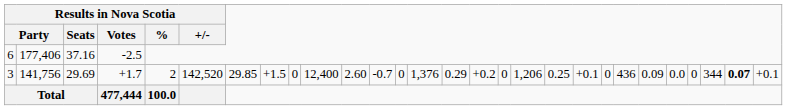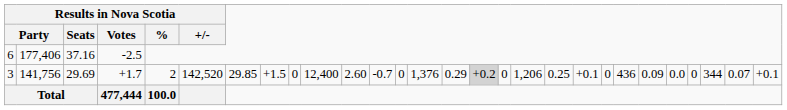 <table class="wikitable">
 <tr>
 <th align="center" colspan=6>Results in Nova Scotia</th>
 </tr>
 <tr>
 <th align="centre" colspan=2>Party</th>
 <th align="right">Seats</th>
 <th align="right">Votes</th>
 <th align="right">%</th>
 <th align="right">+/-</th>
 </tr>
 <tr>
 <td align="right">6</td>
 <td align="right">177,406</td>
 <td align="right">37.16</td>
 <td align="right">-2.5</td>
 </tr>
 <tr>
 <td align="right">3</td>
 <td align="right">141,756</td>
 <td align="right">29.69</td>
 <td align="right">+1.7<br></td>
 <td align="right">2</td>
 <td align="right">142,520</td>
 <td align="right">29.85</td>
 <td align="right">+1.5<br></td>
 <td align="right">0</td>
 <td align="right">12,400</td>
 <td align="right">2.60</td>
 <td align="right">-0.7<br></td>
 <td align="right">0</td>
 <td align="right">1,376</td>
 <td align="right">0.29</td>
-<td align="right">+0.2<br></td>
+<td align="right" style="background: lightgrey;">+0.2<br></td>
 <td align="right">0</td>
 <td align="right">1,206</td>
 <td align="right">0.25</td>
 <td align="right">+0.1<br></td>
 <td align="right">0</td>
 <td align="right">436</td>
 <td align="right">0.09</td>
 <td align="right">0.0<br></td>
 <td align="right">0</td>
 <td align="right">344</td>
-<td align="right"><strong>0.07</strong></td>
+<td align="right">0.07</td>
 <td align="right">+0.1</td>
 </tr>
 <tr bgcolor="white">
 <th align="left" colspan=3>Total</th>
 <th align="right">477,444</th>
 <th align="right">100.0</th>
 <th align="right"></th>
 </tr>
 </table>
